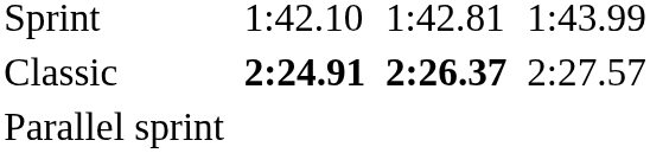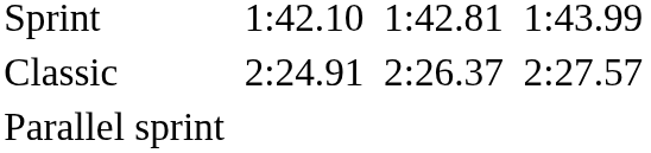 <table>
 <tr>
 <td>Sprint</td>
 <td></td>
 <td>1:42.10</td>
 <td></td>
 <td>1:42.81</td>
 <td></td>
 <td>1:43.99</td>
 </tr>
 <tr>
 <td>Classic</td>
 <td></td>
-<td><strong>2:24.91</strong></td>
+<td>2:24.91</td>
 <td></td>
-<td><strong>2:26.37</strong></td>
+<td>2:26.37</td>
 <td></td>
 <td>2:27.57</td>
 </tr>
 <tr>
 <td>Parallel sprint</td>
 <td colspan="2"></td>
 <td colspan="2"></td>
 <td colspan="2"></td>
 </tr>
 </table>
